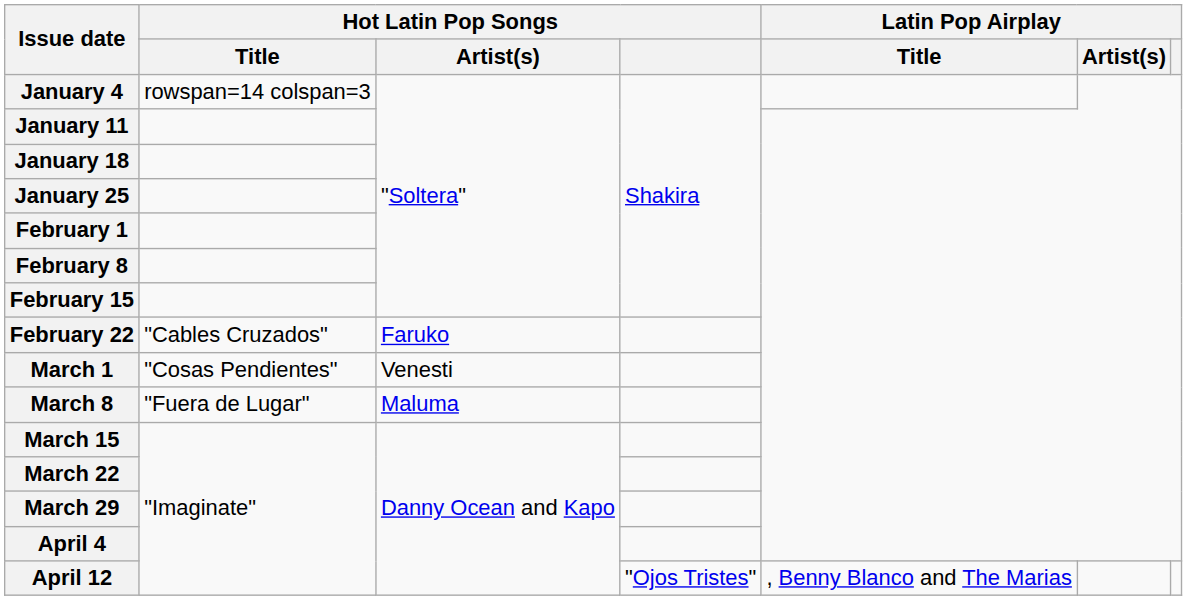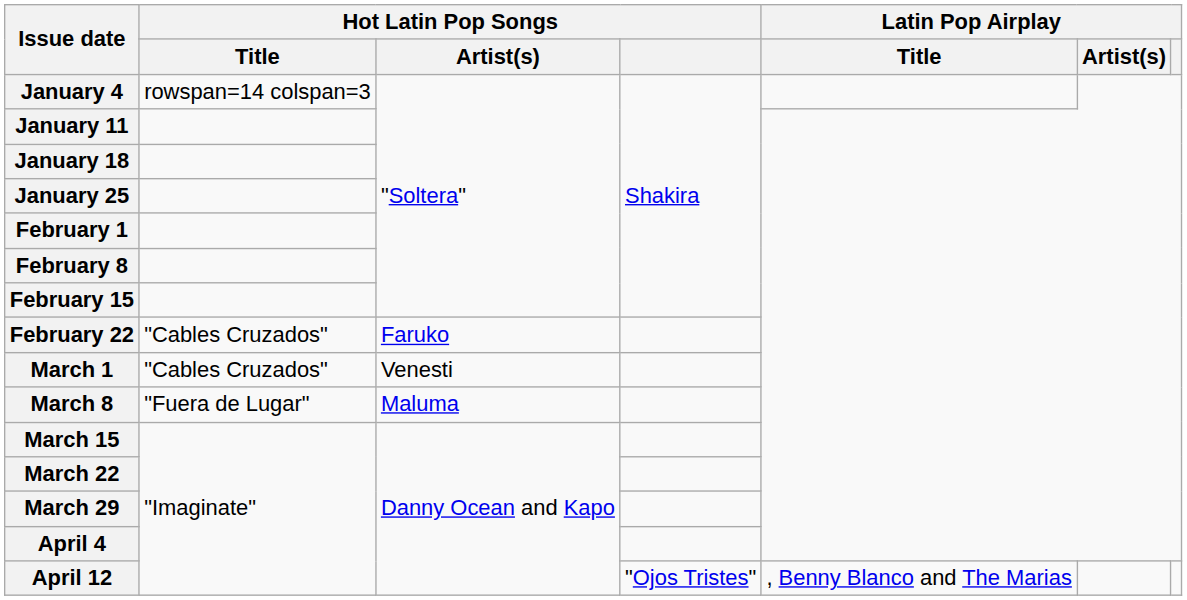 <table class="wikitable sortable plainrowheaders">
 <tr>
 <th scope=col rowspan=2>Issue date</th>
 <th scope=col colspan=3>Hot Latin Pop Songs</th>
 <th scope=col colspan=3>Latin Pop  Airplay</th>
 </tr>
 <tr>
 <th scope=col>Title</th>
 <th scope=col>Artist(s)</th>
 <th scope=col class=unsortable></th>
 <th scope=col>Title</th>
 <th scope=col>Artist(s)</th>
 <th scope=col class=unsortable></th>
 </tr>
 <tr>
 <th scope="row">January 4</th>
 <td>rowspan=14 colspan=3 </td>
 <td rowspan=7>"<a href='#'>Soltera</a>"</td>
 <td rowspan=7><a href='#'>Shakira</a></td>
 <td></td>
 </tr>
 <tr>
 <th scope="row">January 11</th>
 <td></td>
 </tr>
 <tr>
 <th scope="row">January 18</th>
 <td></td>
 </tr>
 <tr>
 <th scope="row">January 25</th>
 <td></td>
 </tr>
 <tr>
 <th scope="row">February 1</th>
 <td></td>
 </tr>
 <tr>
 <th scope="row">February 8</th>
 <td></td>
 </tr>
 <tr>
 <th scope="row">February 15</th>
 <td></td>
 </tr>
 <tr>
 <th scope="row">February 22</th>
 <td>"Cables Cruzados"</td>
 <td><a href='#'>Faruko</a></td>
 <td></td>
 </tr>
 <tr>
 <th scope="row">March 1</th>
-<td>"Cosas Pendientes"</td>
+<td>"Cables Cruzados"</td>
 <td>Venesti</td>
 <td></td>
 </tr>
 <tr>
 <th scope="row">March 8</th>
 <td>"Fuera de Lugar"</td>
 <td><a href='#'>Maluma</a></td>
 <td></td>
 </tr>
 <tr>
 <th scope="row">March 15</th>
 <td rowspan=5>"Imaginate"</td>
 <td rowspan=5><a href='#'>Danny Ocean</a> and <a href='#'>Kapo</a></td>
 <td></td>
 </tr>
 <tr>
 <th scope="row">March 22</th>
 <td></td>
 </tr>
 <tr>
 <th scope="row">March 29</th>
 <td></td>
 </tr>
 <tr>
 <th scope="row">April 4</th>
 <td></td>
 </tr>
 <tr>
 <th scope="row">April 12</th>
 <td>"<a href='#'>Ojos Tristes</a>"</td>
 <td>, <a href='#'>Benny Blanco</a> and <a href='#'>The Marias</a></td>
 <td align=center></td>
 <td></td>
 </tr>
 </table>
